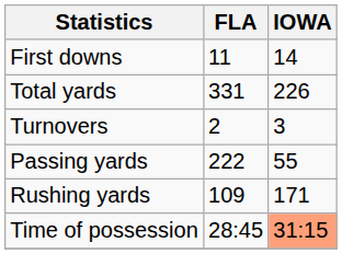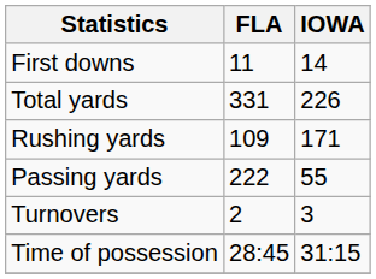 <table class="wikitable">
 <tr>
 <th>Statistics</th>
 <th>FLA</th>
 <th>IOWA</th>
 </tr>
 <tr>
 <td>First downs</td>
 <td>11</td>
 <td>14</td>
 </tr>
 <tr>
 <td>Total yards</td>
 <td>331</td>
 <td>226</td>
 </tr>
 <tr>
-<td>Turnovers</td>
-<td>2</td>
-<td>3</td>
+<td>Rushing yards</td>
+<td>109</td>
+<td>171</td>
 </tr>
 <tr>
 <td>Passing yards</td>
 <td>222</td>
 <td>55</td>
 </tr>
 <tr>
-<td>Rushing yards</td>
-<td>109</td>
-<td>171</td>
+<td>Turnovers</td>
+<td>2</td>
+<td>3</td>
 </tr>
 <tr>
 <td>Time of possession</td>
 <td>28:45</td>
-<td style="background: lightsalmon;">31:15</td>
+<td>31:15</td>
 </tr>
 <tr>
 </tr>
 </table>
